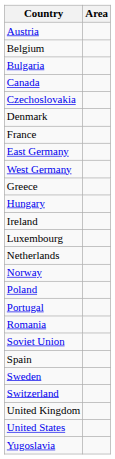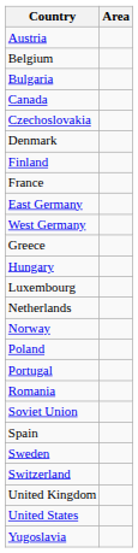 <table class="wikitable sortable" style="text-align: right; display: inline-table;">
 <tr>
 <th>Country</th>
 <th>Area</th>
 </tr>
 <tr>
 <td style="text-align:left;"><a href='#'>Austria</a></td>
 <td></td>
 </tr>
 <tr>
 <td style="text-align:left;">Belgium</td>
 <td></td>
 </tr>
 <tr>
 <td style="text-align:left;"><a href='#'>Bulgaria</a></td>
 <td></td>
 </tr>
 <tr>
 <td style="text-align:left;"><a href='#'>Canada</a></td>
 <td></td>
 </tr>
 <tr>
 <td style="text-align:left;"><a href='#'>Czechoslovakia</a></td>
 <td></td>
 </tr>
 <tr>
 <td style="text-align:left;">Denmark</td>
 <td></td>
 </tr>
 <tr>
+<td style="text-align:left;"><a href='#'>Finland</a></td>
+<td></td>
+</tr>
+<tr>
 <td style="text-align:left;">France</td>
 <td></td>
 </tr>
 <tr>
 <td style="text-align:left;"><a href='#'>East Germany</a></td>
 <td></td>
 </tr>
 <tr>
 <td style="text-align:left;"><a href='#'>West Germany</a></td>
 <td></td>
 </tr>
 <tr>
 <td style="text-align:left;">Greece</td>
 <td></td>
 </tr>
 <tr>
 <td style="text-align:left;"><a href='#'>Hungary</a></td>
-<td></td>
-</tr>
-<tr>
-<td style="text-align:left;">Ireland</td>
 <td></td>
 </tr>
 <tr>
 <td style="text-align:left;">Luxembourg</td>
 <td></td>
 </tr>
 <tr>
 <td style="text-align:left;">Netherlands</td>
 <td></td>
 </tr>
 <tr>
 <td style="text-align:left;"><a href='#'>Norway</a></td>
 <td></td>
 </tr>
 <tr>
 <td style="text-align:left;"><a href='#'>Poland</a></td>
 <td></td>
 </tr>
 <tr>
 <td style="text-align:left;"><a href='#'>Portugal</a></td>
 <td></td>
 </tr>
 <tr>
 <td style="text-align:left;"><a href='#'>Romania</a></td>
 <td></td>
 </tr>
 <tr>
 <td style="text-align:left;"><a href='#'>Soviet Union</a></td>
 <td></td>
 </tr>
 <tr>
 <td style="text-align:left;">Spain</td>
 <td></td>
 </tr>
 <tr>
 <td style="text-align:left;"><a href='#'>Sweden</a></td>
 <td></td>
 </tr>
 <tr>
 <td style="text-align:left;"><a href='#'>Switzerland</a></td>
 <td></td>
 </tr>
 <tr>
 <td style="text-align:left;">United Kingdom</td>
 <td></td>
 </tr>
 <tr>
 <td style="text-align:left;"><a href='#'>United States</a></td>
 <td></td>
 </tr>
 <tr>
 <td style="text-align:left;"><a href='#'>Yugoslavia</a></td>
 <td></td>
 </tr>
 </table>
